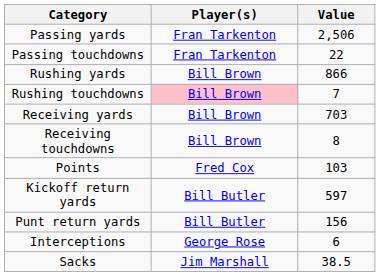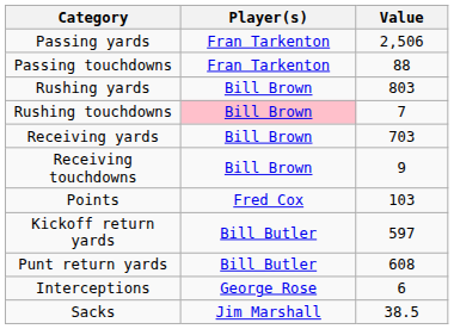 <table class="wikitable" style="text-align:center">
 <tr>
 <th width=150px>Category</th>
 <th width=150px>Player(s)</th>
 <th width=75px>Value</th>
 </tr>
 <tr>
 <td>Passing yards</td>
 <td><a href='#'>Fran Tarkenton</a></td>
 <td>2,506</td>
 </tr>
 <tr>
 <td>Passing touchdowns</td>
 <td><a href='#'>Fran Tarkenton</a></td>
-<td>22</td>
+<td>88</td>
 </tr>
 <tr>
 <td>Rushing yards</td>
 <td><a href='#'>Bill Brown</a></td>
-<td>866</td>
+<td>803</td>
 </tr>
 <tr>
 <td>Rushing touchdowns</td>
 <td style="background: pink;"><a href='#'>Bill Brown</a></td>
 <td>7</td>
 </tr>
 <tr>
 <td>Receiving yards</td>
 <td><a href='#'>Bill Brown</a></td>
 <td>703</td>
 </tr>
 <tr>
 <td>Receiving touchdowns</td>
 <td><a href='#'>Bill Brown</a></td>
-<td>8</td>
+<td>9</td>
 </tr>
 <tr>
 <td>Points</td>
 <td><a href='#'>Fred Cox</a></td>
 <td>103</td>
 </tr>
 <tr>
 <td>Kickoff return yards</td>
 <td><a href='#'>Bill Butler</a></td>
 <td>597</td>
 </tr>
 <tr>
 <td>Punt return yards</td>
 <td><a href='#'>Bill Butler</a></td>
-<td>156</td>
+<td>608</td>
 </tr>
 <tr>
 <td>Interceptions</td>
 <td><a href='#'>George Rose</a></td>
 <td>6</td>
 </tr>
 <tr>
 <td>Sacks</td>
 <td><a href='#'>Jim Marshall</a></td>
 <td>38.5</td>
 </tr>
 </table>
